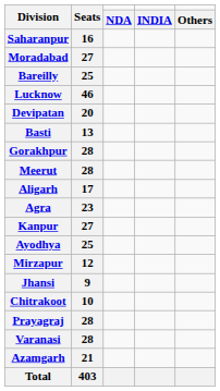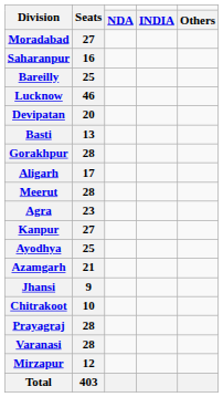 <table class="wikitable" style="text-align:center;">
 <tr>
 <th rowspan="2">Division</th>
 <th rowspan="2">Seats</th>
 <td style="color:inherit;background:"></td>
 <td style="color:inherit;background:"></td>
 <td style="color:inherit;background:"></td>
 </tr>
 <tr>
 <th><a href='#'>NDA</a></th>
 <th><a href='#'>INDIA</a></th>
 <th>Others</th>
 </tr>
 <tr>
-<th><a href='#'>Saharanpur</a></th>
-<th>16</th>
+<th><a href='#'>Moradabad</a></th>
+<th>27</th>
 <td></td>
 <td></td>
 <td></td>
 </tr>
 <tr>
-<th><a href='#'>Moradabad</a></th>
-<th>27</th>
+<th><a href='#'>Saharanpur</a></th>
+<th>16</th>
 <td></td>
 <td></td>
 <td></td>
 </tr>
 <tr>
 <th><a href='#'>Bareilly</a></th>
 <th>25</th>
 <td></td>
 <td></td>
 <td></td>
 </tr>
 <tr>
 <th><a href='#'>Lucknow</a></th>
 <th>46</th>
 <td></td>
 <td></td>
 <td></td>
 </tr>
 <tr>
 <th><a href='#'>Devipatan</a></th>
 <th>20</th>
 <td></td>
 <td></td>
 <td></td>
 </tr>
 <tr>
 <th><a href='#'>Basti</a></th>
 <th>13</th>
 <td></td>
 <td></td>
 <td></td>
 </tr>
 <tr>
 <th><a href='#'>Gorakhpur</a></th>
 <th>28</th>
 <td></td>
 <td></td>
 <td></td>
 </tr>
 <tr>
-<th><a href='#'>Meerut</a></th>
-<th>28</th>
+<th><a href='#'>Aligarh</a></th>
+<th>17</th>
 <td></td>
 <td></td>
 <td></td>
 </tr>
 <tr>
-<th><a href='#'>Aligarh</a></th>
-<th>17</th>
+<th><a href='#'>Meerut</a></th>
+<th>28</th>
 <td></td>
 <td></td>
 <td></td>
 </tr>
 <tr>
 <th><a href='#'>Agra</a></th>
 <th>23</th>
 <td></td>
 <td></td>
 <td></td>
 </tr>
 <tr>
 <th><a href='#'>Kanpur</a></th>
 <th>27</th>
 <td></td>
 <td></td>
 <td></td>
 </tr>
 <tr>
 <th><a href='#'>Ayodhya</a></th>
 <th>25</th>
 <td></td>
 <td></td>
 <td></td>
 </tr>
 <tr>
-<th><a href='#'>Mirzapur</a></th>
-<th>12</th>
+<th><a href='#'>Azamgarh</a></th>
+<th>21</th>
 <td></td>
 <td></td>
 <td></td>
 </tr>
 <tr>
 <th><a href='#'>Jhansi</a></th>
 <th>9</th>
 <td></td>
 <td></td>
 <td></td>
 </tr>
 <tr>
 <th><a href='#'>Chitrakoot</a></th>
 <th>10</th>
 <td></td>
 <td></td>
 <td></td>
 </tr>
 <tr>
 <th><a href='#'>Prayagraj</a></th>
 <th>28</th>
 <td></td>
 <td></td>
 <td></td>
 </tr>
 <tr>
 <th><a href='#'>Varanasi</a></th>
 <th>28</th>
 <td></td>
 <td></td>
 <td></td>
 </tr>
 <tr>
-<th><a href='#'>Azamgarh</a></th>
-<th>21</th>
+<th><a href='#'>Mirzapur</a></th>
+<th>12</th>
 <td></td>
 <td></td>
 <td></td>
 </tr>
 <tr>
 <th>Total</th>
 <th>403</th>
 <th></th>
 <th></th>
 <th></th>
 </tr>
 </table>
